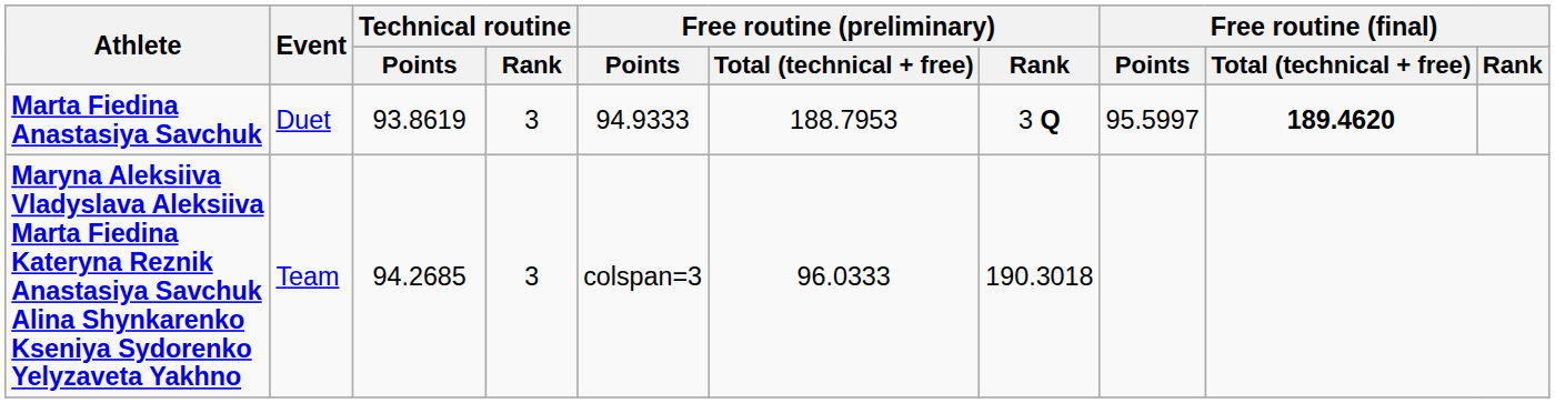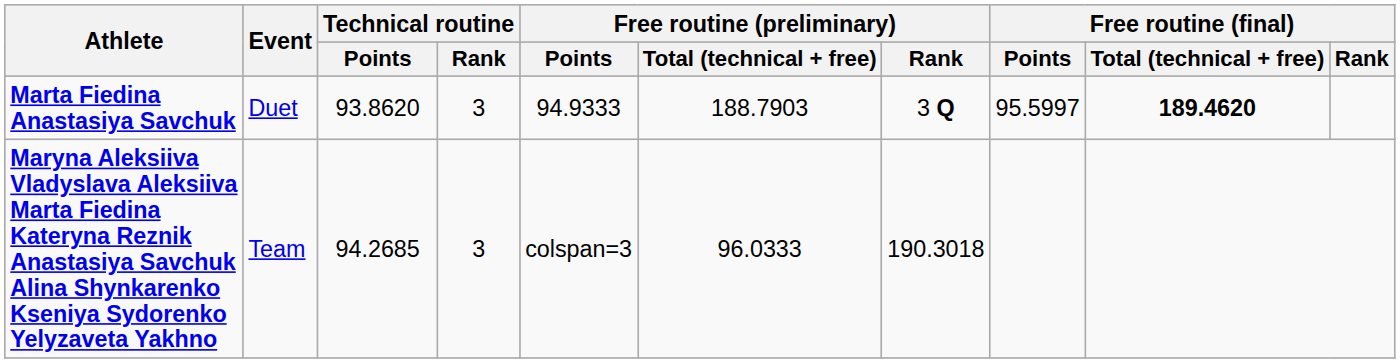 <table class="wikitable" style="font-size:90%">
 <tr>
 <th rowspan="2">Athlete</th>
 <th rowspan="2">Event</th>
 <th colspan=2>Technical routine</th>
 <th colspan=3>Free routine (preliminary)</th>
 <th colspan=3>Free routine (final)</th>
 </tr>
 <tr style="font-size:95%">
 <th>Points</th>
 <th>Rank</th>
 <th>Points</th>
 <th>Total (technical + free)</th>
 <th>Rank</th>
 <th>Points</th>
 <th>Total (technical + free)</th>
 <th>Rank</th>
 </tr>
 <tr align=center>
 <td align=left><strong><a href='#'>Marta Fiedina</a><br><a href='#'>Anastasiya Savchuk</a></strong></td>
 <td align=left><a href='#'>Duet</a></td>
-<td>93.8619</td>
+<td>93.8620</td>
 <td>3</td>
 <td>94.9333</td>
-<td>188.7953</td>
+<td>188.7903</td>
 <td>3 <strong>Q</strong></td>
 <td>95.5997</td>
 <td><strong>189.4620</strong></td>
 <td></td>
 </tr>
 <tr align=center>
 <td align=left><strong><a href='#'>Maryna Aleksiiva</a><br><a href='#'>Vladyslava Aleksiiva</a><br><a href='#'>Marta Fiedina</a><br><a href='#'>Kateryna Reznik</a><br><a href='#'>Anastasiya Savchuk</a><br><a href='#'>Alina Shynkarenko</a><br><a href='#'>Kseniya Sydorenko</a><br><a href='#'>Yelyzaveta Yakhno</a></strong></td>
 <td align=left><a href='#'>Team</a></td>
 <td>94.2685</td>
 <td>3</td>
 <td>colspan=3 </td>
 <td>96.0333</td>
 <td>190.3018</td>
 <td></td>
 </tr>
 </table>
